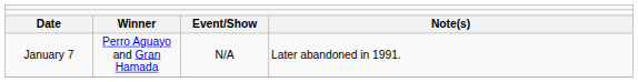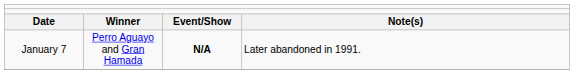 <table class="wikitable" style="text-align:center; width:100%;">
 <tr>
 <td colspan="5"></td>
 </tr>
 <tr>
 <td colspan="5"><strong></strong></td>
 </tr>
 <tr>
 <th width="14%">Date</th>
 <th width="14%">Winner</th>
 <th width="14%">Event/Show</th>
 <th width="58%">Note(s)</th>
 </tr>
 <tr>
 <td>January 7</td>
 <td><a href='#'>Perro Aguayo</a> and <a href='#'>Gran Hamada</a></td>
-<td>N/A</td>
+<td><strong>N/A</strong></td>
 <td align=left>Later abandoned in 1991.</td>
 </tr>
 <tr>
 </tr>
 </table>
